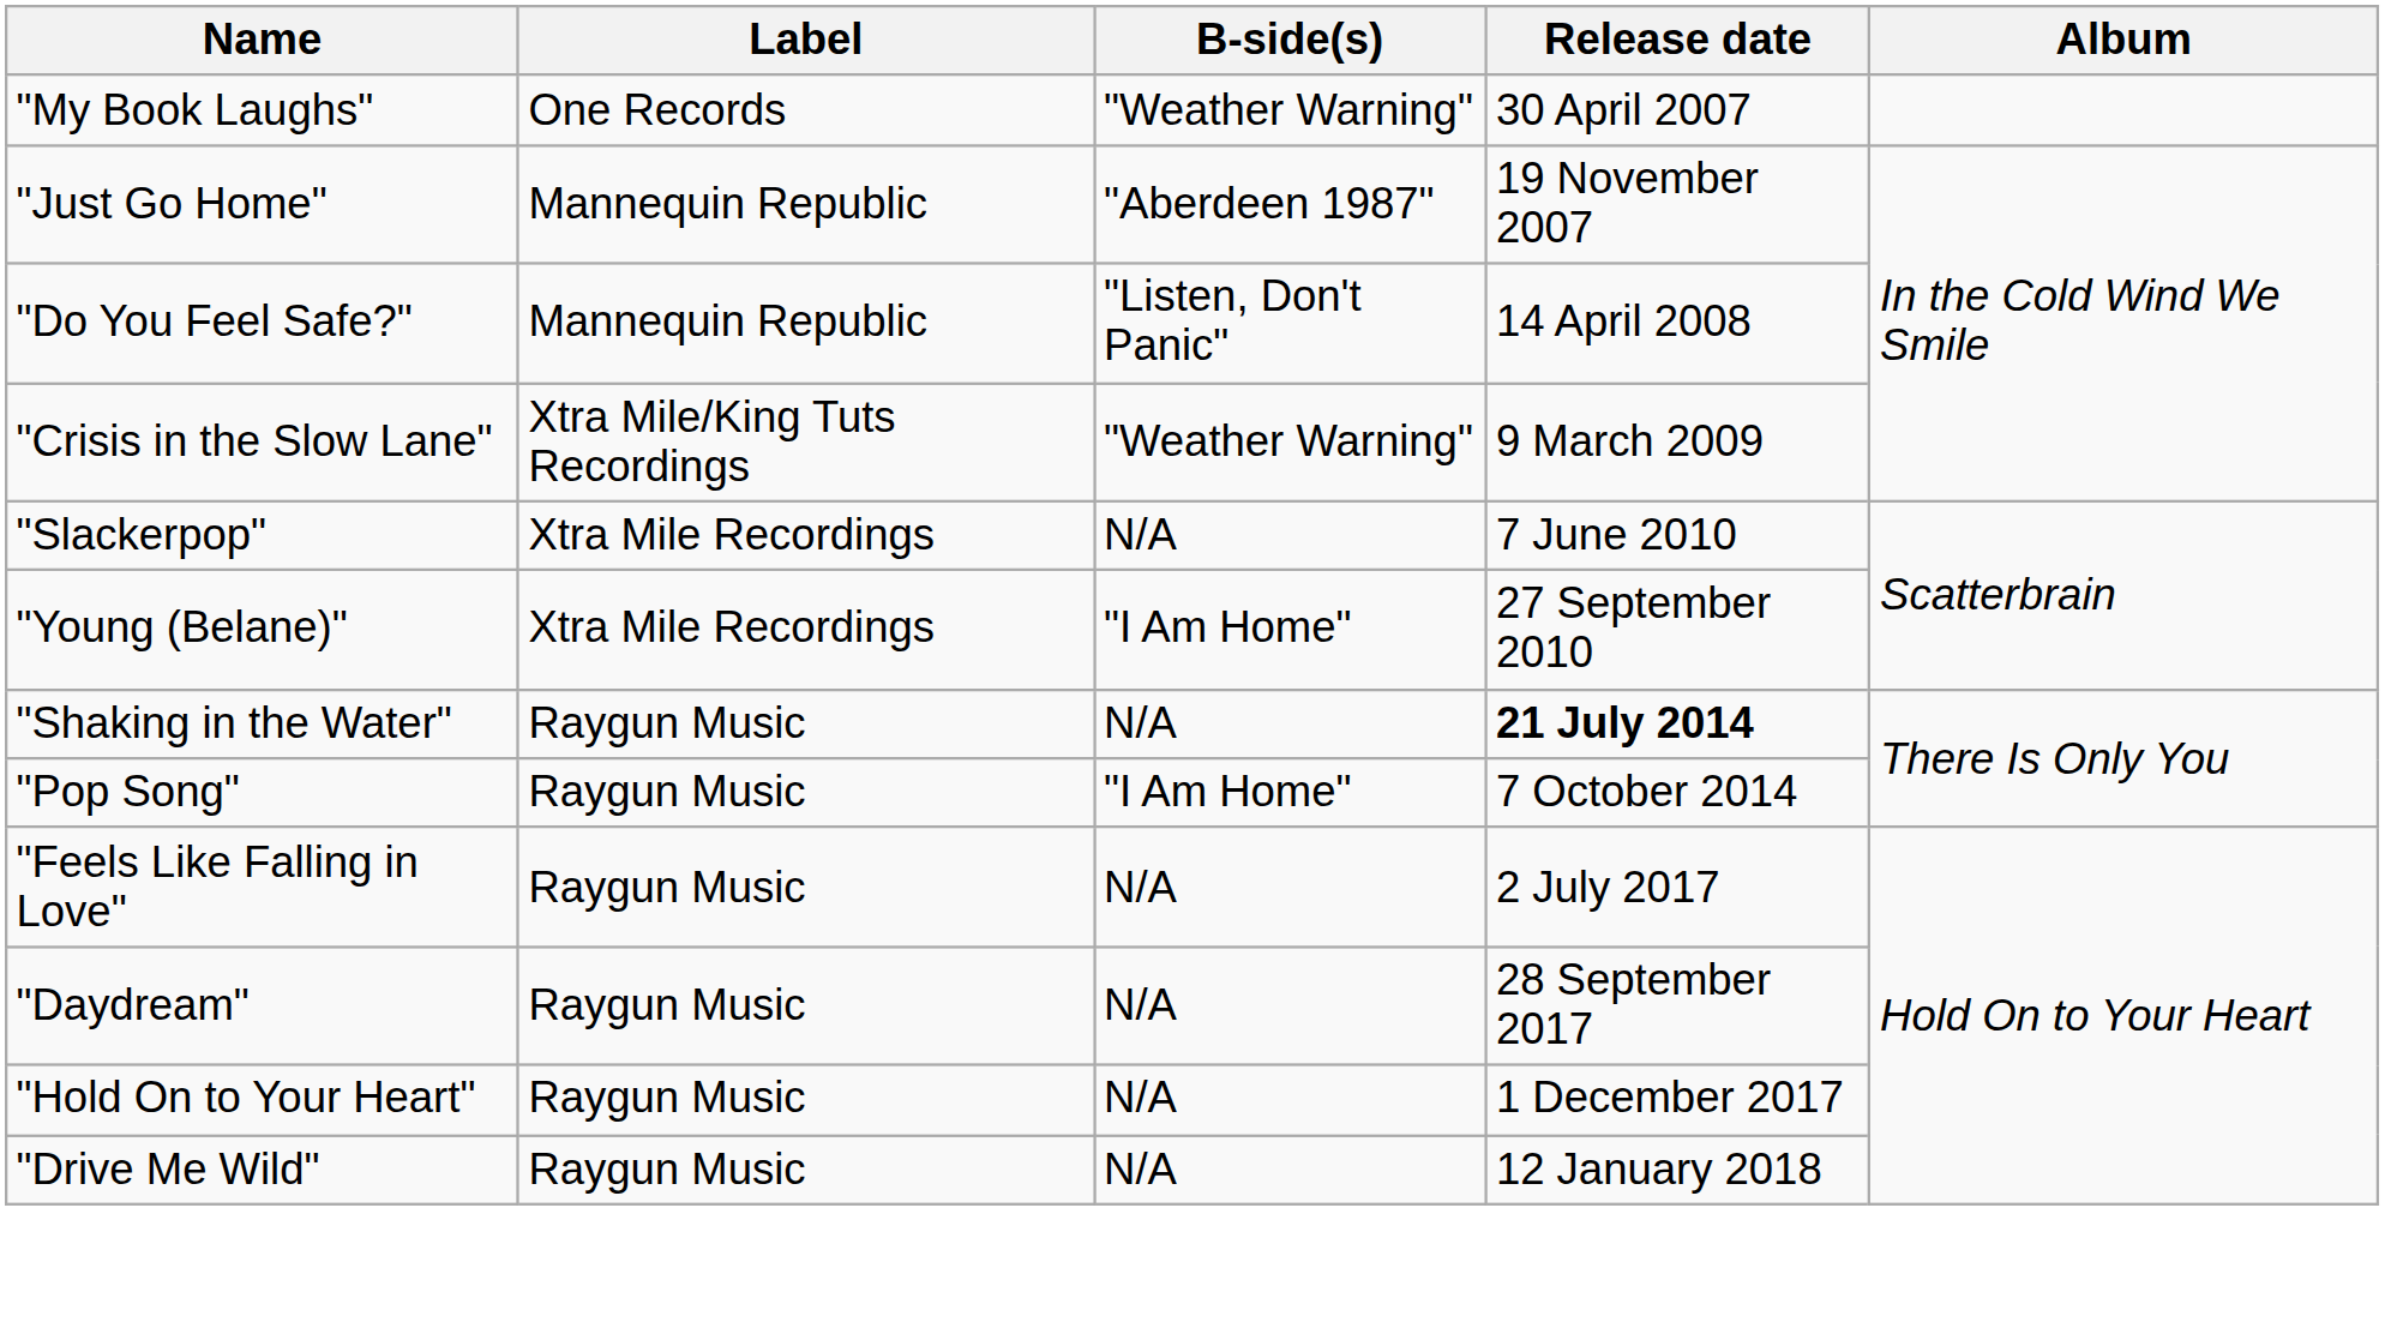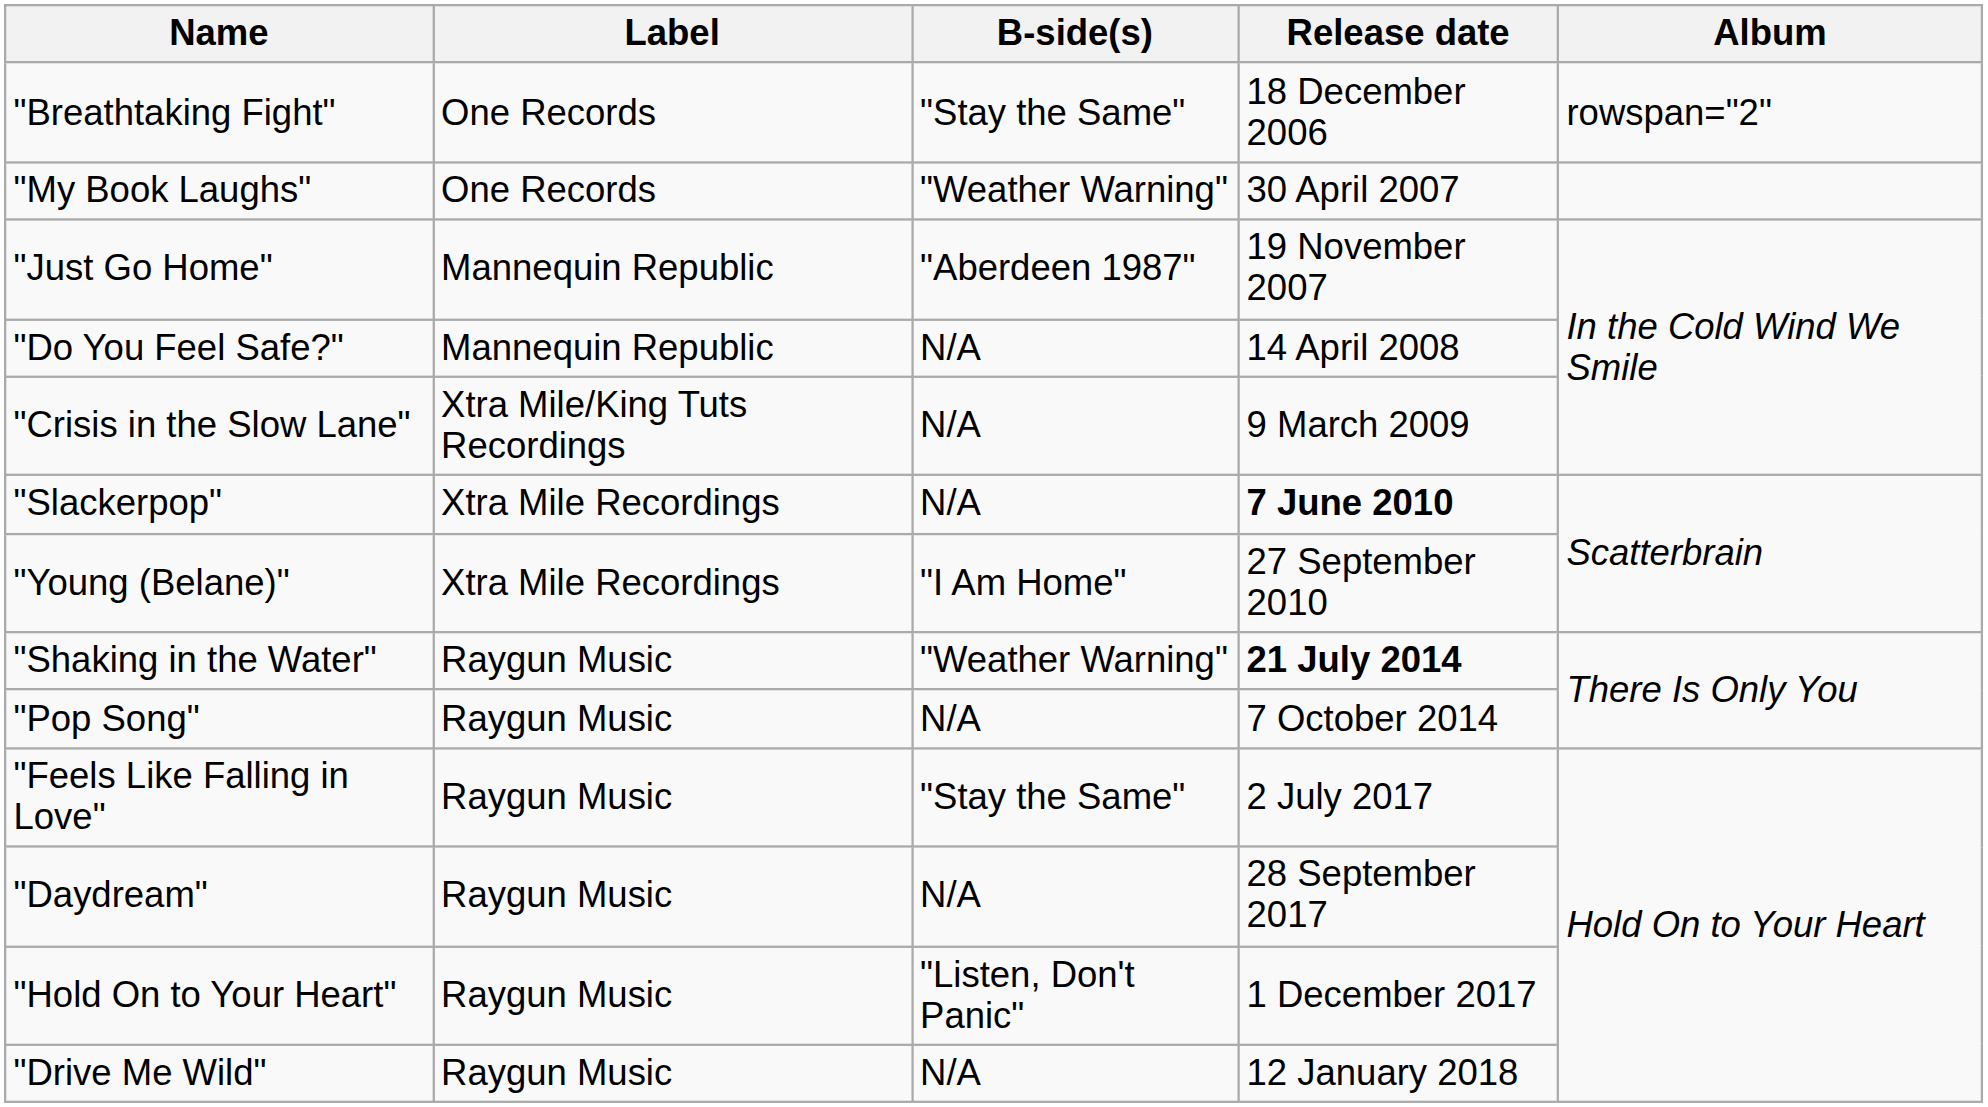 <table class="wikitable">
 <tr>
 <th>Name</th>
 <th>Label</th>
 <th>B-side(s)</th>
 <th>Release date</th>
 <th>Album</th>
+</tr>
+<tr>
+<td>"Breathtaking Fight"</td>
+<td>One Records</td>
+<td>"Stay the Same"</td>
+<td>18 December 2006</td>
+<td>rowspan="2" </td>
 </tr>
 <tr>
 <td>"My Book Laughs"</td>
 <td>One Records</td>
 <td>"Weather Warning"</td>
 <td>30 April 2007</td>
 </tr>
 <tr>
 <td>"Just Go Home"</td>
 <td>Mannequin Republic</td>
 <td>"Aberdeen 1987"</td>
 <td>19 November 2007</td>
 <td rowspan="3"><em>In the Cold Wind We Smile</em></td>
 </tr>
 <tr>
 <td>"Do You Feel Safe?"</td>
 <td>Mannequin Republic</td>
-<td>"Listen, Don't Panic"</td>
+<td>N/A</td>
 <td>14 April 2008</td>
 </tr>
 <tr>
 <td>"Crisis in the Slow Lane"</td>
 <td>Xtra Mile/King Tuts Recordings</td>
-<td>"Weather Warning"</td>
+<td>N/A</td>
 <td>9 March 2009</td>
 </tr>
 <tr>
 <td>"Slackerpop"</td>
 <td>Xtra Mile Recordings</td>
 <td>N/A</td>
-<td>7 June 2010</td>
+<td><strong>7 June 2010</strong></td>
 <td rowspan="2"><em>Scatterbrain</em></td>
 </tr>
 <tr>
 <td>"Young (Belane)"</td>
 <td>Xtra Mile Recordings</td>
 <td>"I Am Home"</td>
 <td>27 September 2010</td>
 </tr>
 <tr>
 <td>"Shaking in the Water"</td>
 <td>Raygun Music</td>
-<td>N/A</td>
+<td>"Weather Warning"</td>
 <td><strong>21 July 2014</strong></td>
 <td rowspan="2"><em>There Is Only You</em></td>
 </tr>
 <tr>
 <td>"Pop Song"</td>
 <td>Raygun Music</td>
-<td>"I Am Home"</td>
+<td>N/A</td>
 <td>7 October 2014</td>
 </tr>
 <tr>
 <td>"Feels Like Falling in Love"</td>
 <td>Raygun Music</td>
-<td>N/A</td>
+<td>"Stay the Same"</td>
 <td>2 July 2017</td>
 <td rowspan="4"><em>Hold On to Your Heart</em></td>
 </tr>
 <tr>
 <td>"Daydream"</td>
 <td>Raygun Music</td>
 <td>N/A</td>
 <td>28 September 2017</td>
 </tr>
 <tr>
 <td>"Hold On to Your Heart"</td>
 <td>Raygun Music</td>
-<td>N/A</td>
+<td>"Listen, Don't Panic"</td>
 <td>1 December 2017</td>
 </tr>
 <tr>
 <td>"Drive Me Wild"</td>
 <td>Raygun Music</td>
 <td>N/A</td>
 <td>12 January 2018</td>
 </tr>
 </table>
